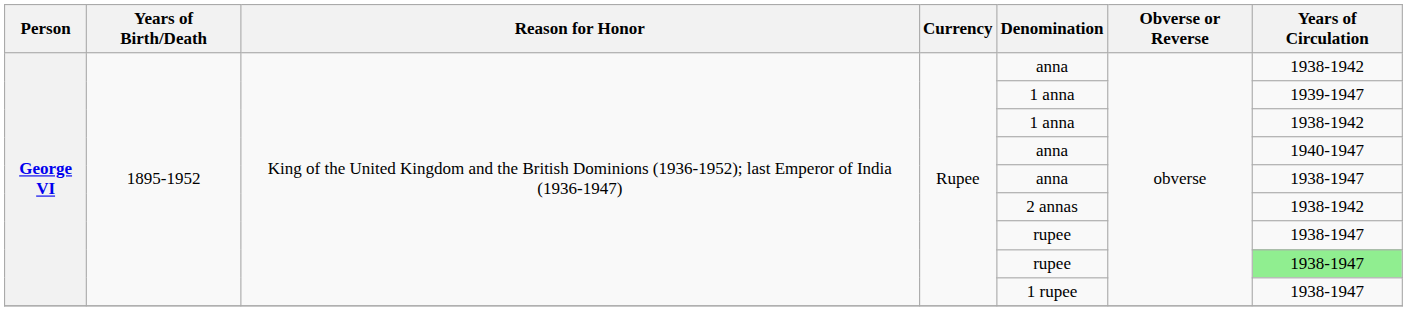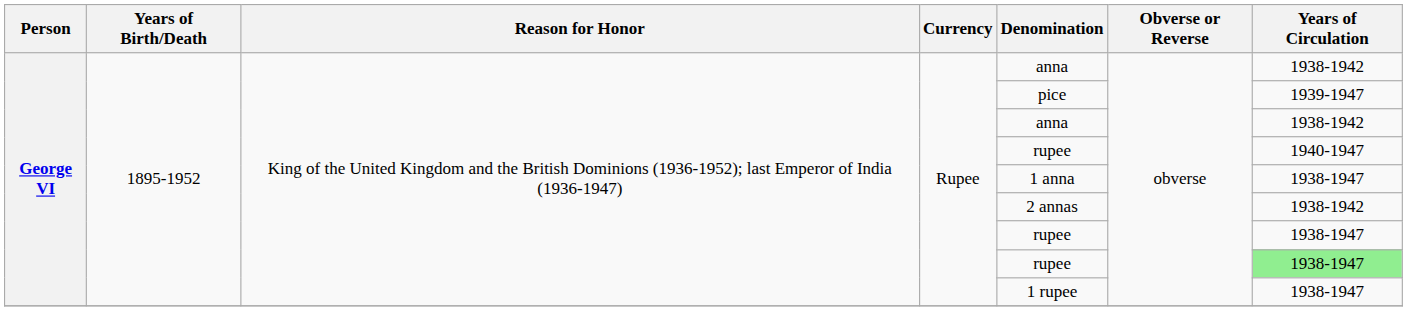 <table class="wikitable" style="font-size:95%; text-align:center;">
 <tr>
 <th>Person</th>
 <th>Years of Birth/Death</th>
 <th>Reason for Honor</th>
 <th>Currency</th>
 <th>Denomination</th>
 <th>Obverse or Reverse</th>
 <th>Years of Circulation</th>
 </tr>
 <tr>
 <th rowspan="9"><a href='#'>George VI</a></th>
 <td rowspan="9">1895-1952</td>
 <td rowspan="9">King of the United Kingdom and the British Dominions (1936-1952); last Emperor of India (1936-1947)</td>
 <td rowspan="9">Rupee</td>
 <td> anna</td>
 <td rowspan="9">obverse</td>
 <td>1938-1942</td>
 </tr>
 <tr>
-<td>1 anna</td>
+<td> pice</td>
 <td>1939-1947</td>
 </tr>
 <tr>
-<td>1 anna</td>
+<td> anna</td>
 <td>1938-1942</td>
 </tr>
 <tr>
-<td> anna</td>
+<td> rupee</td>
 <td>1940-1947</td>
 </tr>
 <tr>
-<td> anna</td>
+<td>1 anna</td>
 <td>1938-1947</td>
 </tr>
 <tr>
 <td>2 annas</td>
 <td>1938-1942</td>
 </tr>
 <tr>
 <td> rupee</td>
 <td>1938-1947</td>
 </tr>
 <tr>
 <td> rupee</td>
 <td style="background: lightgreen;">1938-1947</td>
 </tr>
 <tr>
 <td>1 rupee</td>
 <td>1938-1947</td>
 </tr>
 <tr>
 </tr>
 </table>
